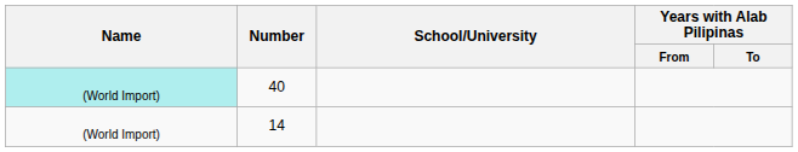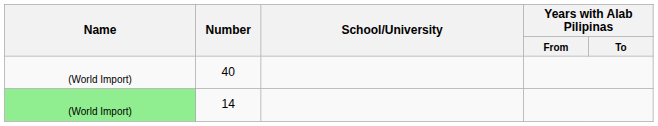 <table class="wikitable sortable" style="text-align:center" width="98%">
 <tr>
 <th style="width:180px;" rowspan="2">Name</th>
 <th style="width:10%;" colspan="2" rowspan="2">Number</th>
 <th style="width:250px;" rowspan="2">School/University</th>
 <th style="width:180px; text-align:center;" colspan="2">Years with Alab Pilipinas</th>
 </tr>
 <tr>
 <th style="width:10%; text-align:center;"><small>From</small></th>
 <th style="width:10%; text-align:center;"><small>To</small></th>
 </tr>
 <tr>
-<td style="background: paleturquoise;"><br><small>(World Import)</small></td>
+<td><br><small>(World Import)</small></td>
 <td colspan="2">40</td>
 <td></td>
 <td colspan="2"></td>
 </tr>
 <tr>
-<td><br><small>(World Import)</small></td>
+<td style="background: lightgreen;"><br><small>(World Import)</small></td>
 <td colspan="2">14</td>
 <td></td>
 <td colspan="2"></td>
 </tr>
 </table>
